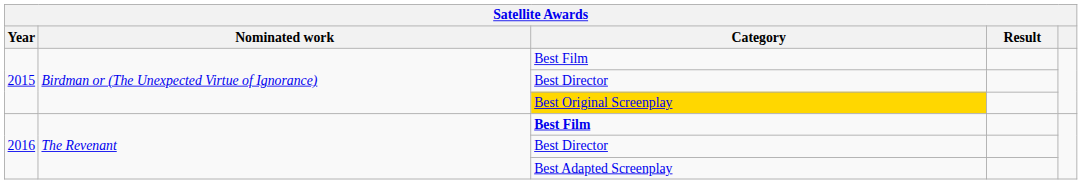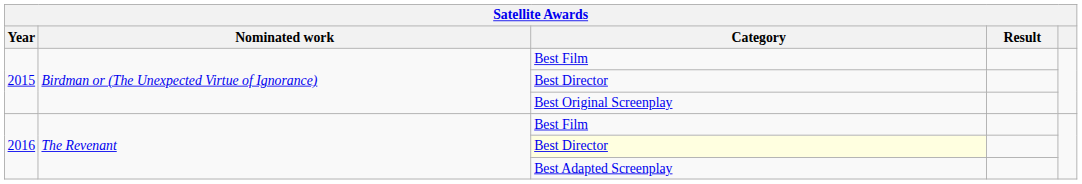 <table class="wikitable">
 <tr>
 <th colspan="5" style="text-align:center;"><a href='#'>Satellite Awards</a></th>
 </tr>
 <tr>
 <th scope="col" style="width:1em;">Year</th>
 <th scope="col" style="width:39em;">Nominated work</th>
 <th scope="col" style="width:36em;">Category</th>
 <th scope="col" style="width:5em;">Result</th>
 <th scope="col" style="width:1em;"></th>
 </tr>
 <tr>
 <td rowspan="3"><a href='#'>2015</a></td>
 <td rowspan="3"><em><a href='#'>Birdman or (The Unexpected Virtue of Ignorance)</a></em></td>
 <td><a href='#'>Best Film</a></td>
 <td></td>
 <td style="text-align:center;" rowspan="3"></td>
 </tr>
 <tr>
 <td><a href='#'>Best Director</a></td>
 <td></td>
 </tr>
 <tr>
-<td style="background: gold;"><a href='#'>Best Original Screenplay</a></td>
+<td><a href='#'>Best Original Screenplay</a></td>
 <td></td>
 </tr>
 <tr>
 <td rowspan="3"><a href='#'>2016</a></td>
 <td rowspan="3"><em><a href='#'>The Revenant</a></em></td>
-<td><strong><a href='#'>Best Film</a></strong></td>
+<td><a href='#'>Best Film</a></td>
 <td></td>
 <td style="text-align:center;" rowspan="3"></td>
 </tr>
 <tr>
-<td><a href='#'>Best Director</a></td>
+<td style="background: lightyellow;"><a href='#'>Best Director</a></td>
 <td></td>
 </tr>
 <tr>
 <td><a href='#'>Best Adapted Screenplay</a></td>
 <td></td>
 </tr>
 </table>
